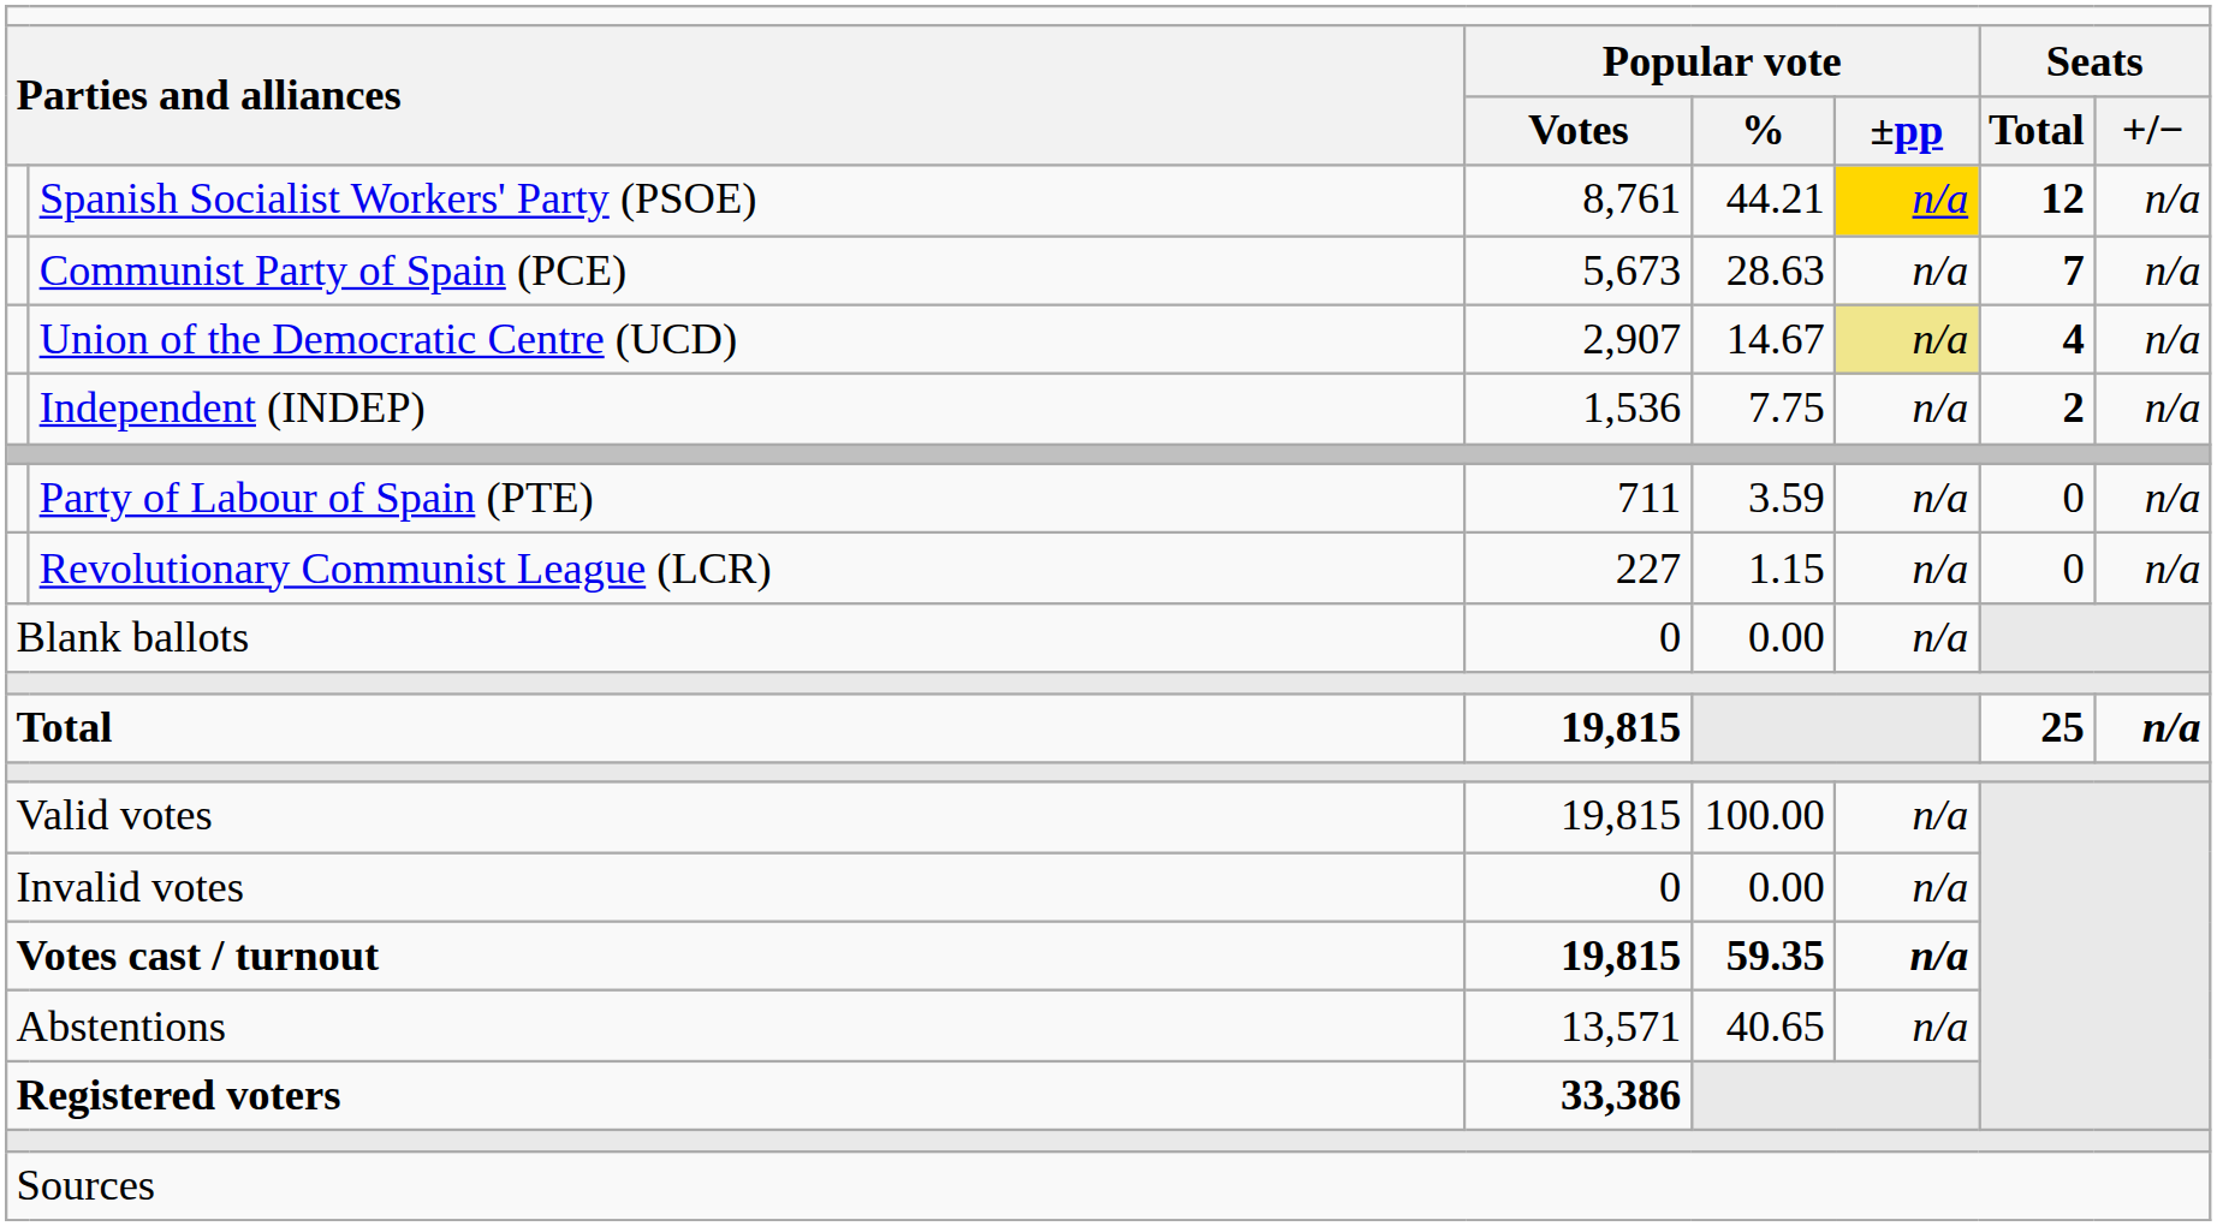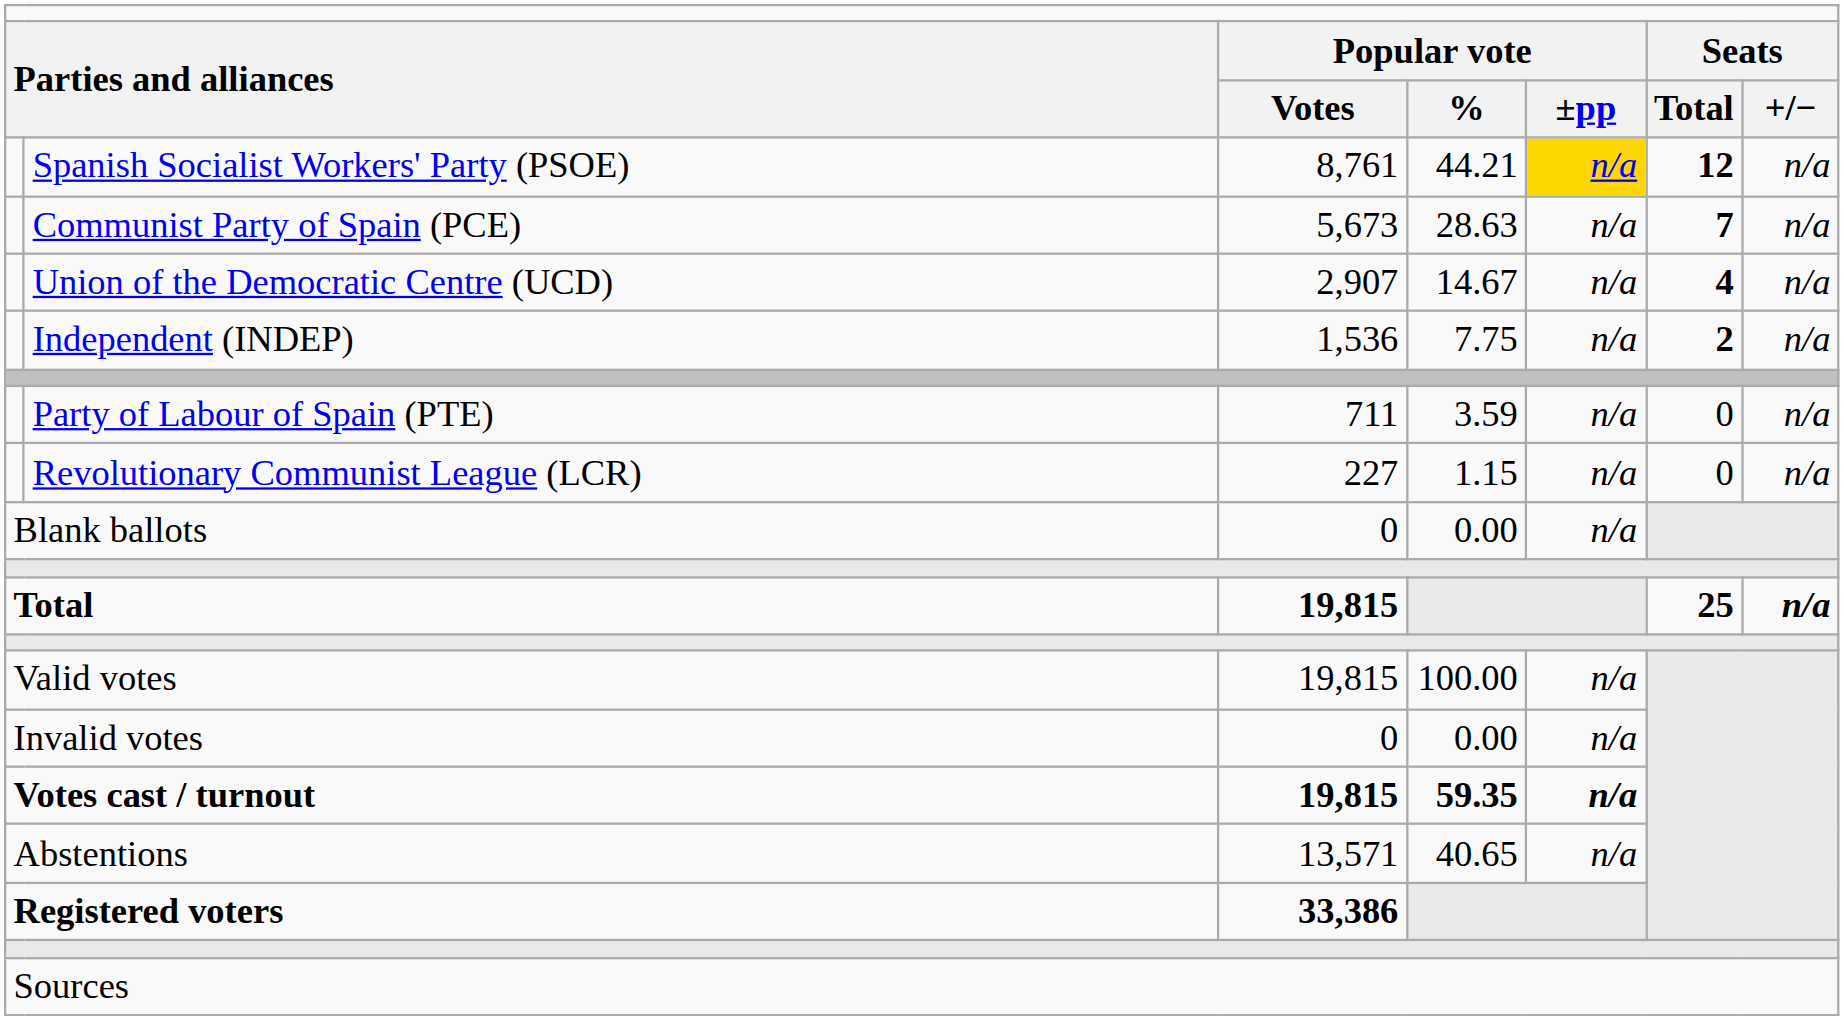 <table class="wikitable" style="text-align:right;">
 <tr>
 <td colspan="7"></td>
 </tr>
 <tr>
 <th style="text-align:left;" rowspan="2" colspan="2" width="525">Parties and alliances</th>
 <th colspan="3">Popular vote</th>
 <th colspan="2">Seats</th>
 </tr>
 <tr>
 <th width="75">Votes</th>
 <th width="45">%</th>
 <th width="45">±<a href='#'>pp</a></th>
 <th width="35">Total</th>
 <th width="35">+/−</th>
 </tr>
 <tr>
 <td width="1" style="color:inherit;background:"></td>
 <td align="left"><a href='#'>Spanish Socialist Workers' Party</a> (PSOE)</td>
 <td>8,761</td>
 <td>44.21</td>
 <td style="background: gold;"><em><a href='#'>n/a</a></em></td>
 <td><strong>12</strong></td>
 <td><em>n/a</em></td>
 </tr>
 <tr>
 <td style="color:inherit;background:"></td>
 <td align="left"><a href='#'>Communist Party of Spain</a> (PCE)</td>
 <td>5,673</td>
 <td>28.63</td>
 <td><em>n/a</em></td>
 <td><strong>7</strong></td>
 <td><em>n/a</em></td>
 </tr>
 <tr>
 <td style="color:inherit;background:"></td>
 <td align="left"><a href='#'>Union of the Democratic Centre</a> (UCD)</td>
 <td>2,907</td>
 <td>14.67</td>
-<td style="background: khaki;"><em>n/a</em></td>
+<td><em>n/a</em></td>
 <td><strong>4</strong></td>
 <td><em>n/a</em></td>
 </tr>
 <tr>
 <td style="color:inherit;background:"></td>
 <td align="left"><a href='#'>Independent</a> (INDEP)</td>
 <td>1,536</td>
 <td>7.75</td>
 <td><em>n/a</em></td>
 <td><strong>2</strong></td>
 <td><em>n/a</em></td>
 </tr>
 <tr>
 <td colspan="7" bgcolor="#C0C0C0"></td>
 </tr>
 <tr>
 <td style="color:inherit;background:"></td>
 <td align="left"><a href='#'>Party of Labour of Spain</a> (PTE)</td>
 <td>711</td>
 <td>3.59</td>
 <td><em>n/a</em></td>
 <td>0</td>
 <td><em>n/a</em></td>
 </tr>
 <tr>
 <td style="color:inherit;background:"></td>
 <td align="left"><a href='#'>Revolutionary Communist League</a> (LCR)</td>
 <td>227</td>
 <td>1.15</td>
 <td><em>n/a</em></td>
 <td>0</td>
 <td><em>n/a</em></td>
 </tr>
 <tr>
 <td align="left" colspan="2">Blank ballots</td>
 <td>0</td>
 <td>0.00</td>
 <td><em>n/a</em></td>
 <td bgcolor="#E9E9E9" colspan="2"></td>
 </tr>
 <tr>
 <td colspan="7" bgcolor="#E9E9E9"></td>
 </tr>
 <tr style="font-weight:bold;">
 <td align="left" colspan="2">Total</td>
 <td>19,815</td>
 <td bgcolor="#E9E9E9" colspan="2"></td>
 <td>25</td>
 <td><em>n/a</em></td>
 </tr>
 <tr>
 <td colspan="7" bgcolor="#E9E9E9"></td>
 </tr>
 <tr>
 <td align="left" colspan="2">Valid votes</td>
 <td>19,815</td>
 <td>100.00</td>
 <td><em>n/a</em></td>
 <td bgcolor="#E9E9E9" colspan="2" rowspan="5"></td>
 </tr>
 <tr>
 <td align="left" colspan="2">Invalid votes</td>
 <td>0</td>
 <td>0.00</td>
 <td><em>n/a</em></td>
 </tr>
 <tr style="font-weight:bold;">
 <td align="left" colspan="2">Votes cast / turnout</td>
 <td>19,815</td>
 <td>59.35</td>
 <td><em>n/a</em></td>
 </tr>
 <tr>
 <td align="left" colspan="2">Abstentions</td>
 <td>13,571</td>
 <td>40.65</td>
 <td><em>n/a</em></td>
 </tr>
 <tr style="font-weight:bold;">
 <td align="left" colspan="2">Registered voters</td>
 <td>33,386</td>
 <td bgcolor="#E9E9E9" colspan="2"></td>
 </tr>
 <tr>
 <td colspan="7" bgcolor="#E9E9E9"></td>
 </tr>
 <tr>
 <td align="left" colspan="7">Sources</td>
 </tr>
 </table>
